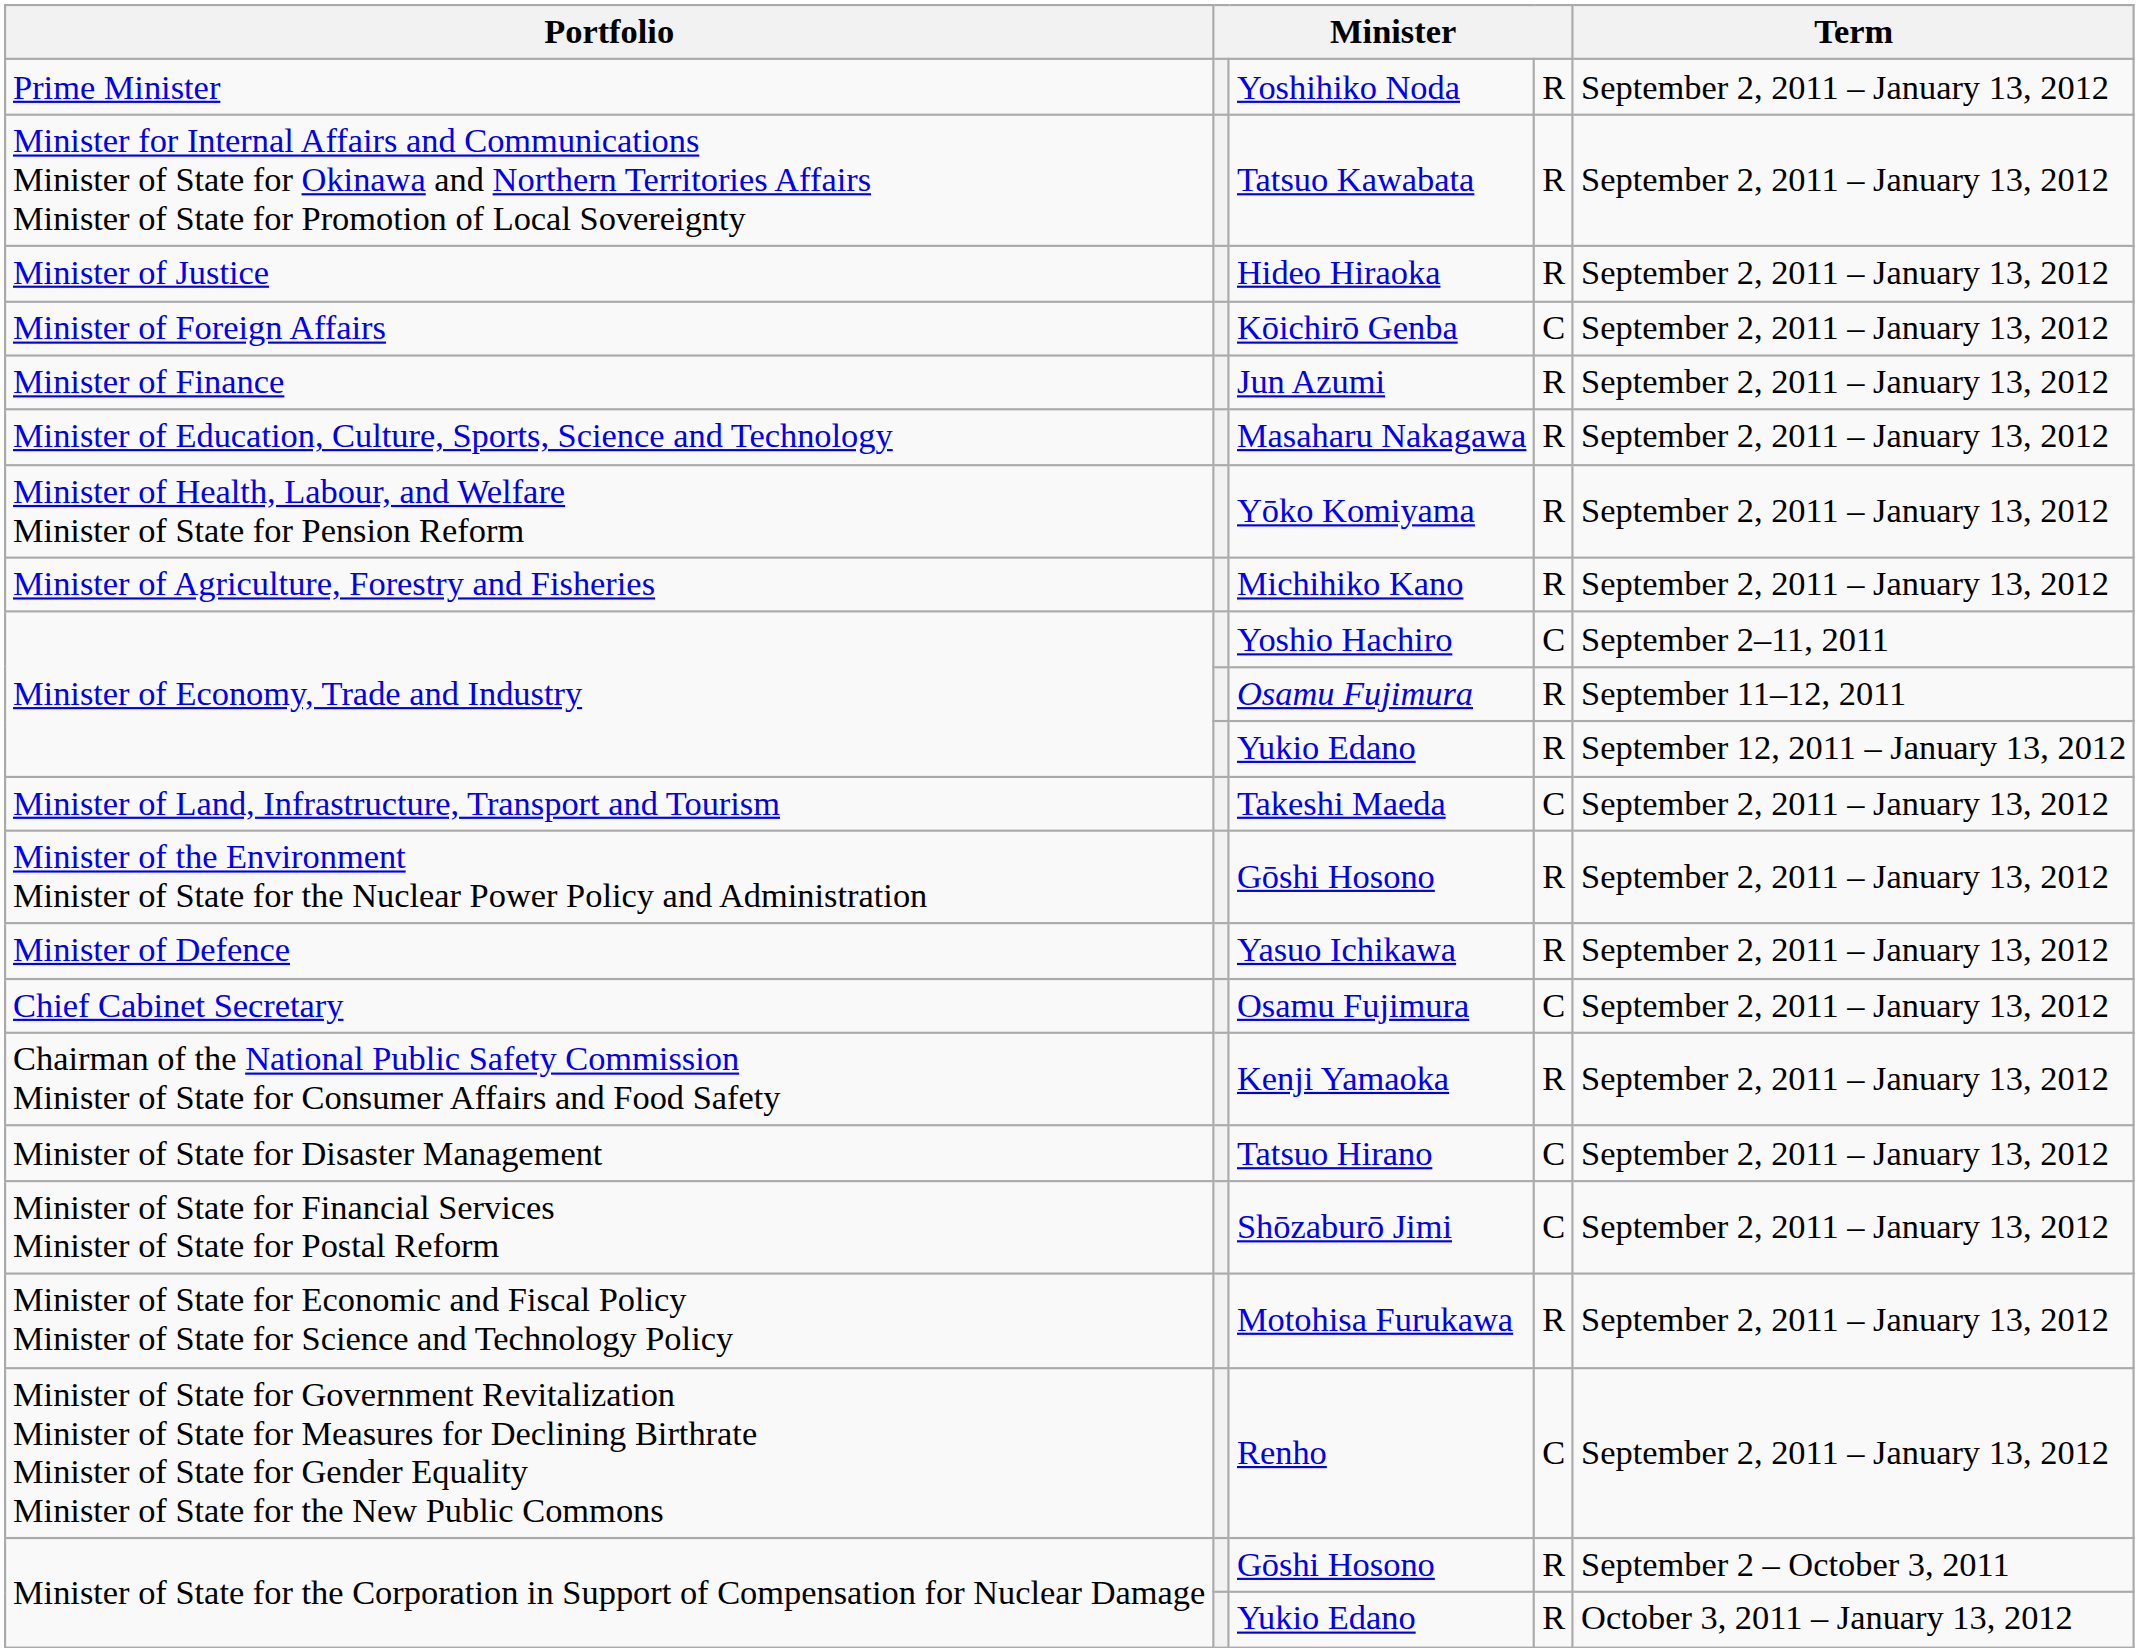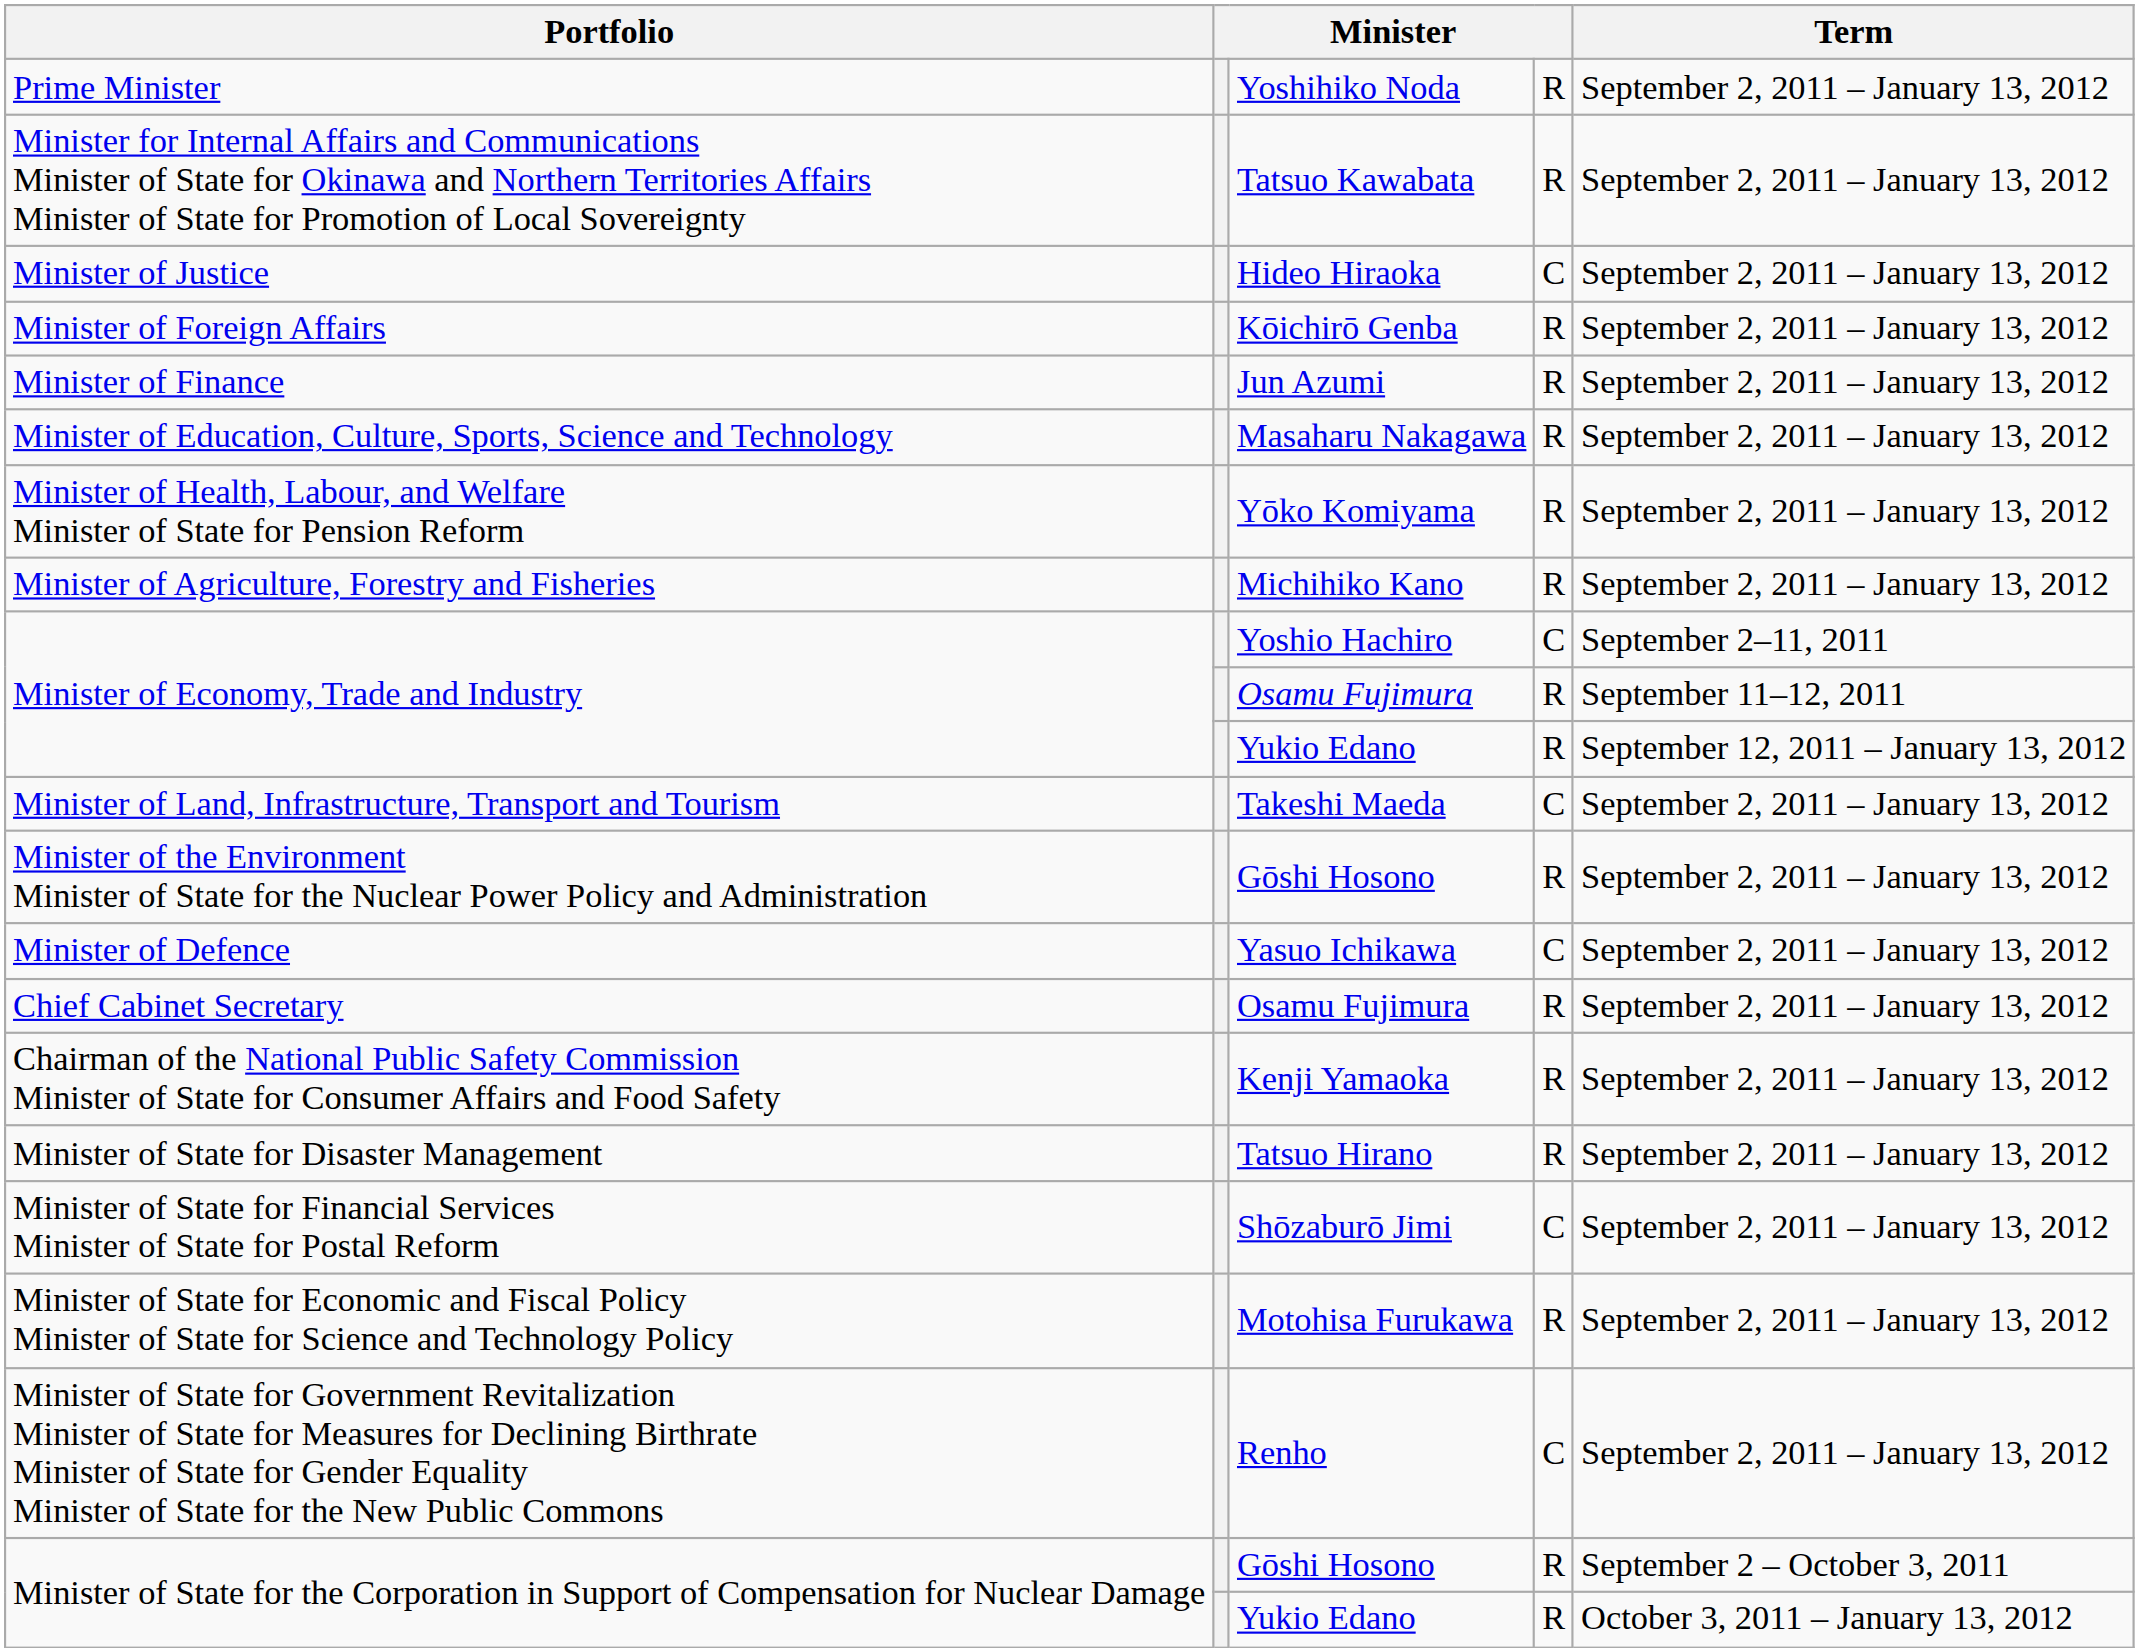 <table class="wikitable">
 <tr>
 <th>Portfolio</th>
 <th colspan=3>Minister</th>
 <th colspan=2>Term</th>
 </tr>
 <tr>
 <td><a href='#'>Prime Minister</a></td>
 <th style="color:inherit;background-color: "></th>
 <td><a href='#'>Yoshihiko Noda</a></td>
 <td>R</td>
 <td>September 2, 2011 – January 13, 2012</td>
 </tr>
 <tr>
 <td><a href='#'>Minister for Internal Affairs and Communications</a> <br> Minister of State for <a href='#'>Okinawa</a> and <a href='#'>Northern Territories Affairs</a> <br>Minister of State for Promotion of Local Sovereignty</td>
 <th style="color:inherit;background-color: "></th>
 <td><a href='#'>Tatsuo Kawabata</a></td>
 <td>R</td>
 <td>September 2, 2011 – January 13, 2012</td>
 </tr>
 <tr>
 <td><a href='#'>Minister of Justice</a></td>
 <th style="color:inherit;background-color: "></th>
 <td><a href='#'>Hideo Hiraoka</a></td>
-<td>R</td>
+<td>C</td>
 <td>September 2, 2011 – January 13, 2012</td>
 </tr>
 <tr>
 <td><a href='#'>Minister of Foreign Affairs</a></td>
 <th style="color:inherit;background-color: "></th>
 <td><a href='#'>Kōichirō Genba</a></td>
-<td>C</td>
+<td>R</td>
 <td>September 2, 2011 – January 13, 2012</td>
 </tr>
 <tr>
 <td><a href='#'>Minister of Finance</a></td>
 <th style="color:inherit;background-color: "></th>
 <td><a href='#'>Jun Azumi</a></td>
 <td>R</td>
 <td>September 2, 2011 – January 13, 2012</td>
 </tr>
 <tr>
 <td><a href='#'>Minister of Education, Culture, Sports, Science and Technology</a></td>
 <th style="color:inherit;background-color: "></th>
 <td><a href='#'>Masaharu Nakagawa</a></td>
 <td>R</td>
 <td>September 2, 2011 – January 13, 2012</td>
 </tr>
 <tr>
 <td><a href='#'>Minister of Health, Labour, and Welfare</a> <br> Minister of State for Pension Reform</td>
 <th style="color:inherit;background-color: "></th>
 <td><a href='#'>Yōko Komiyama</a></td>
 <td>R</td>
 <td>September 2, 2011 – January 13, 2012</td>
 </tr>
 <tr>
 <td><a href='#'>Minister of Agriculture, Forestry and Fisheries</a></td>
 <th style="color:inherit;background-color: "></th>
 <td><a href='#'>Michihiko Kano</a></td>
 <td>R</td>
 <td>September 2, 2011 – January 13, 2012</td>
 </tr>
 <tr>
 <td rowspan="3"><a href='#'>Minister of Economy, Trade and Industry</a></td>
 <th style="color:inherit;background-color: "></th>
 <td><a href='#'>Yoshio Hachiro</a></td>
 <td>C</td>
 <td>September 2–11, 2011</td>
 </tr>
 <tr>
 <th style="color:inherit;background-color: "></th>
 <td><em><a href='#'>Osamu Fujimura</a></em></td>
 <td>R</td>
 <td>September 11–12, 2011</td>
 </tr>
 <tr>
 <th style="color:inherit;background-color: "></th>
 <td><a href='#'>Yukio Edano</a></td>
 <td>R</td>
 <td>September 12, 2011 – January 13, 2012</td>
 </tr>
 <tr>
 <td><a href='#'>Minister of Land, Infrastructure, Transport and Tourism</a></td>
 <th style="color:inherit;background-color: "></th>
 <td><a href='#'>Takeshi Maeda</a></td>
 <td>C</td>
 <td>September 2, 2011 – January 13, 2012</td>
 </tr>
 <tr>
 <td><a href='#'>Minister of the Environment</a> <br> Minister of State for the Nuclear Power Policy and Administration</td>
 <th style="color:inherit;background-color: "></th>
 <td><a href='#'>Gōshi Hosono</a></td>
 <td>R</td>
 <td>September 2, 2011 – January 13, 2012</td>
 </tr>
 <tr>
 <td><a href='#'>Minister of Defence</a></td>
 <th style="color:inherit;background-color: "></th>
 <td><a href='#'>Yasuo Ichikawa</a></td>
-<td>R</td>
+<td>C</td>
 <td>September 2, 2011 – January 13, 2012</td>
 </tr>
 <tr>
 <td><a href='#'>Chief Cabinet Secretary</a></td>
 <th style="color:inherit;background-color: "></th>
 <td><a href='#'>Osamu Fujimura</a></td>
-<td>C</td>
+<td>R</td>
 <td>September 2, 2011 – January 13, 2012</td>
 </tr>
 <tr>
 <td>Chairman of the <a href='#'>National Public Safety Commission</a> <br> Minister of State for Consumer Affairs and Food Safety</td>
 <th style="color:inherit;background-color: "></th>
 <td><a href='#'>Kenji Yamaoka</a></td>
 <td>R</td>
 <td>September 2, 2011 – January 13, 2012</td>
 </tr>
 <tr>
 <td>Minister of State for Disaster Management</td>
 <th style="color:inherit;background-color: "></th>
 <td><a href='#'>Tatsuo Hirano</a></td>
-<td>C</td>
+<td>R</td>
 <td>September 2, 2011 – January 13, 2012</td>
 </tr>
 <tr>
 <td>Minister of State for Financial Services <br> Minister of State for Postal Reform</td>
 <th style="color:inherit;background-color: "></th>
 <td><a href='#'>Shōzaburō Jimi</a></td>
 <td>C</td>
 <td>September 2, 2011 – January 13, 2012</td>
 </tr>
 <tr>
 <td>Minister of State for Economic and Fiscal Policy <br> Minister of State for Science and Technology Policy</td>
 <th style="color:inherit;background-color: "></th>
 <td><a href='#'>Motohisa Furukawa</a></td>
 <td>R</td>
 <td>September 2, 2011 – January 13, 2012</td>
 </tr>
 <tr>
 <td>Minister of State for Government Revitalization <br> Minister of State for Measures for Declining Birthrate <br> Minister of State for Gender Equality <br> Minister of State for the New Public Commons</td>
 <th style="color:inherit;background-color: "></th>
 <td><a href='#'>Renho</a></td>
 <td>C</td>
 <td>September 2, 2011 – January 13, 2012</td>
 </tr>
 <tr>
 <td rowspan="2">Minister of State for the Corporation in Support of Compensation for Nuclear Damage</td>
 <th style="color:inherit;background-color: "></th>
 <td><a href='#'>Gōshi Hosono</a></td>
 <td>R</td>
 <td>September 2 – October 3, 2011</td>
 </tr>
 <tr>
 <th style="color:inherit;background-color: "></th>
 <td><a href='#'>Yukio Edano</a></td>
 <td>R</td>
 <td>October 3, 2011 – January 13, 2012</td>
 </tr>
 </table>
